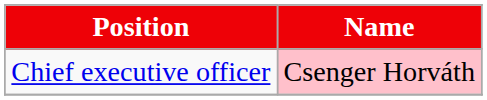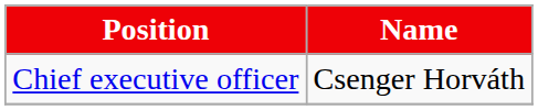 <table class="wikitable">
 <tr>
 <th style="background-color:#ee0107; color:#ffffff;">Position</th>
 <th style="background-color:#ee0107; color:#ffffff;">Name</th>
 </tr>
 <tr>
 <td><a href='#'>Chief executive officer</a></td>
-<td style="background: pink;"> Csenger Horváth</td>
+<td> Csenger Horváth</td>
 </tr>
 <tr>
 </tr>
 </table>
